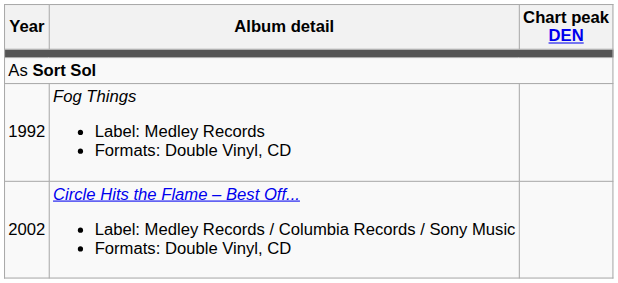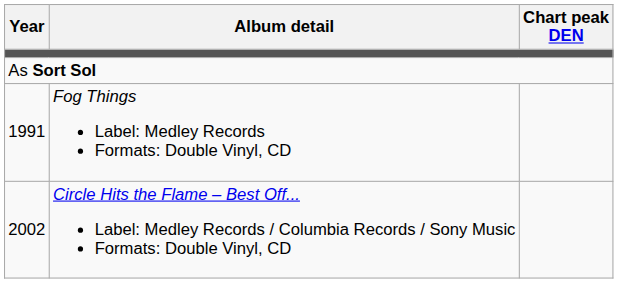 <table class="wikitable">
 <tr>
 <th>Year</th>
 <th>Album detail</th>
 <th>Chart peak <br><a href='#'>DEN</a></th>
 </tr>
 <tr>
 <td colspan="3" style="background:#555;"></td>
 </tr>
 <tr>
 <td colspan=3>As <strong>Sort Sol</strong></td>
 </tr>
 <tr>
-<td style="test-align:center;">1992</td>
+<td style="test-align:center;">1991</td>
 <td><em>Fog Things</em><br><ul><li>Label: Medley Records</li><li>Formats: Double Vinyl, CD</li></ul></td>
 <td></td>
 </tr>
 <tr>
 <td style="test-align:center;">2002</td>
 <td><em><a href='#'>Circle Hits the Flame – Best Off...</a></em><br><ul><li>Label: Medley Records / Columbia Records / Sony Music</li><li>Formats: Double Vinyl, CD</li></ul></td>
 <td></td>
 </tr>
 </table>
